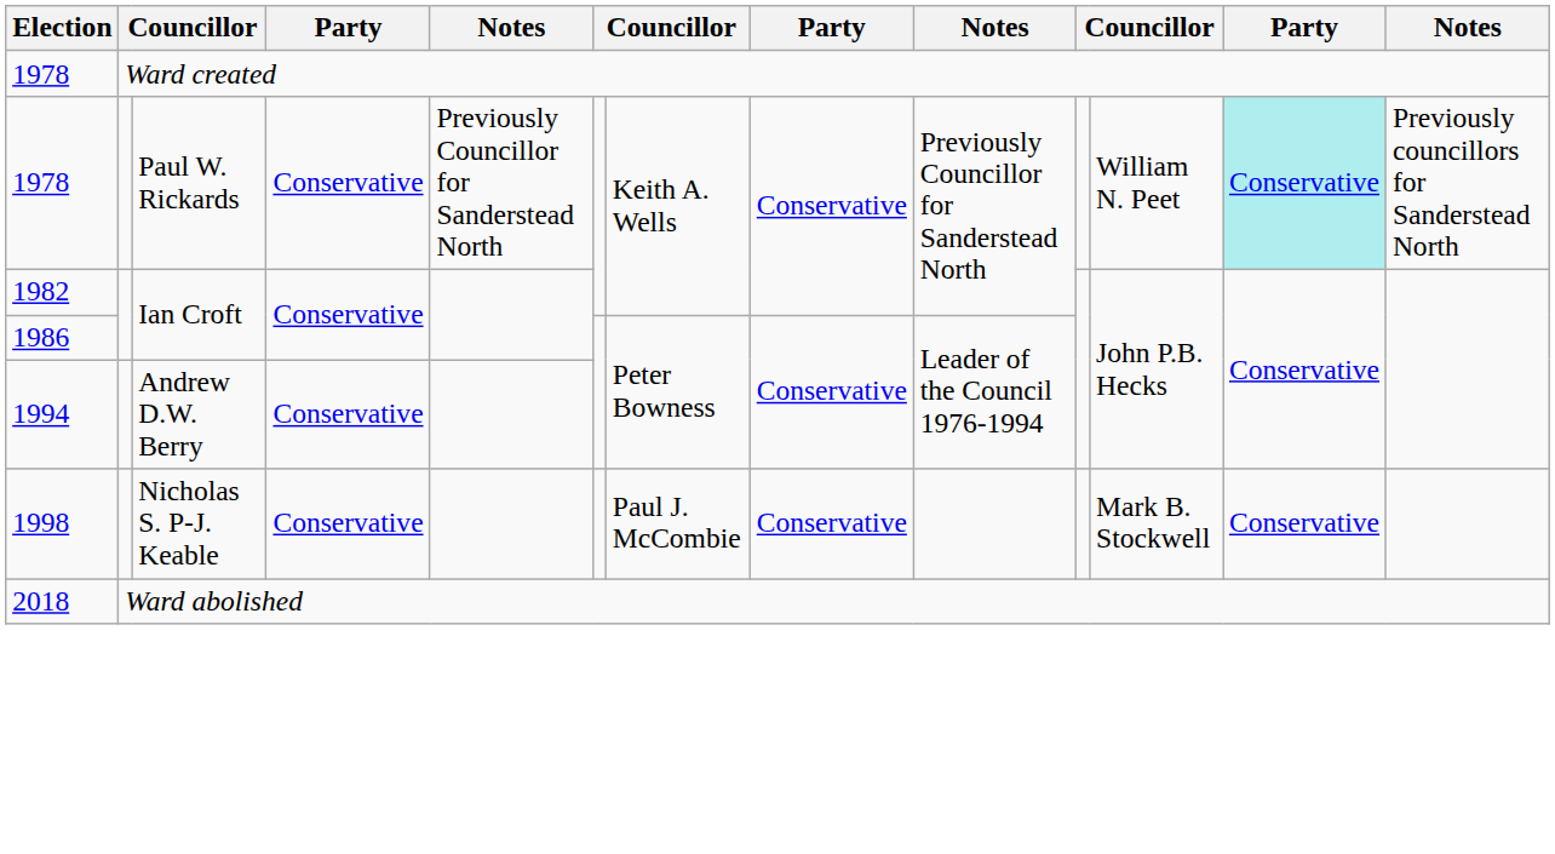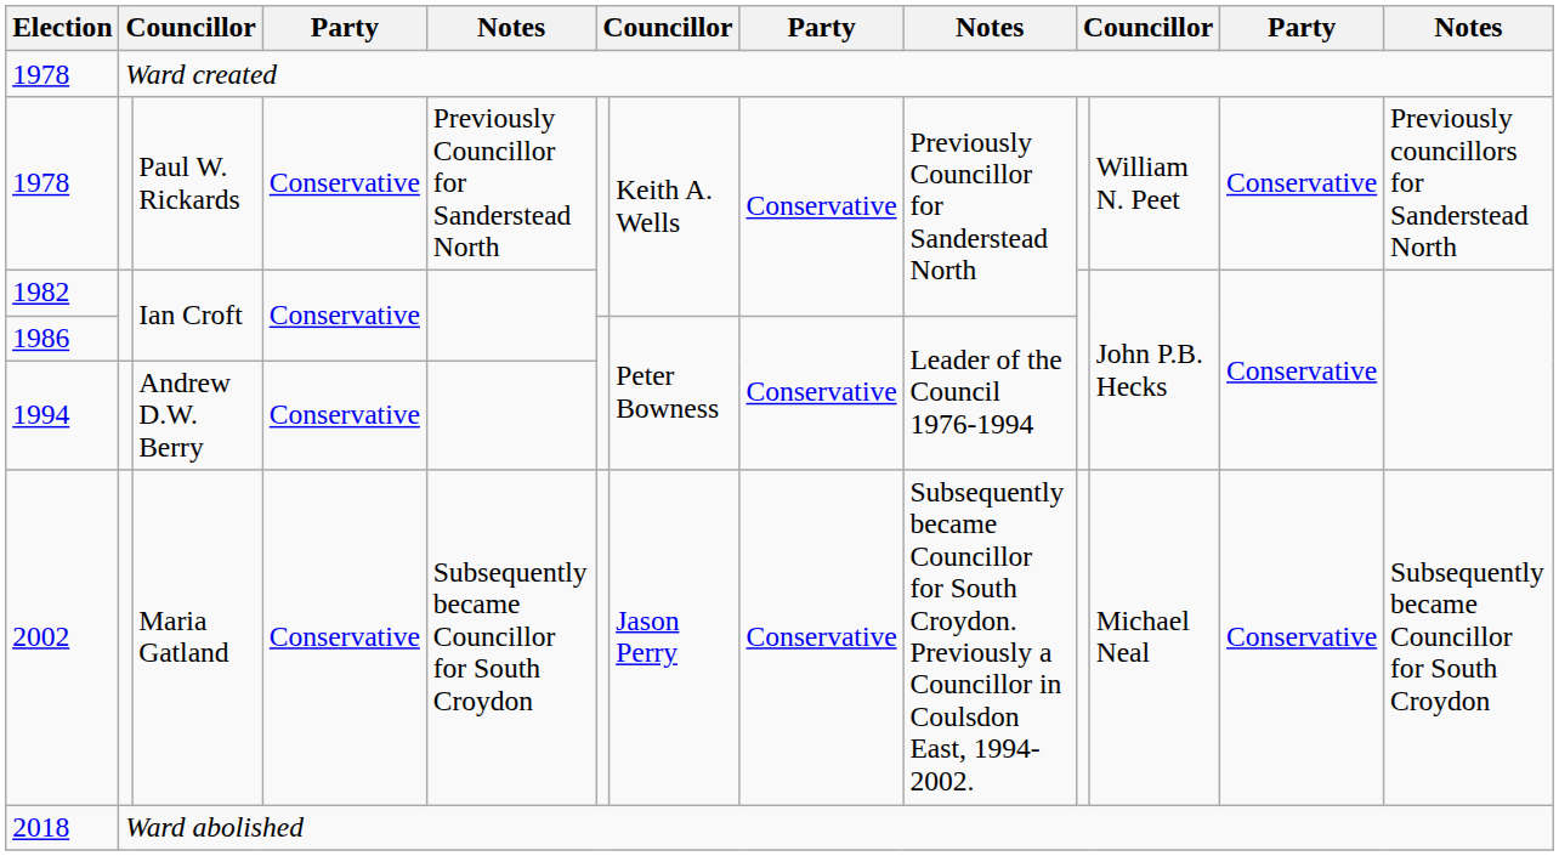 <table class="wikitable">
 <tr>
 <th>Election</th>
 <th colspan="2">Councillor</th>
 <th>Party</th>
 <th>Notes</th>
 <th colspan="2">Councillor</th>
 <th>Party</th>
 <th>Notes</th>
 <th colspan="2">Councillor</th>
 <th>Party</th>
 <th>Notes</th>
 </tr>
 <tr>
 <td><a href='#'>1978</a></td>
 <td colspan="12"><em>Ward created</em></td>
 </tr>
 <tr>
 <td><a href='#'>1978</a></td>
 <td style="background-color: "></td>
 <td>Paul W. Rickards</td>
 <td><a href='#'>Conservative</a></td>
 <td>Previously Councillor for Sanderstead North</td>
 <td rowspan="2" style="background-color: "></td>
 <td rowspan="2">Keith A. Wells</td>
 <td rowspan="2"><a href='#'>Conservative</a></td>
 <td rowspan="2">Previously Councillor for Sanderstead North</td>
 <td style="background-color: "></td>
 <td>William N. Peet</td>
-<td style="background: paleturquoise;"><a href='#'>Conservative</a></td>
+<td><a href='#'>Conservative</a></td>
 <td>Previously councillors for Sanderstead North</td>
 </tr>
 <tr>
 <td><a href='#'>1982</a></td>
 <td rowspan="2" style="background-color: "></td>
 <td rowspan="2">Ian Croft</td>
 <td rowspan="2"><a href='#'>Conservative</a></td>
 <td rowspan="2"></td>
 <td rowspan="3" style="background-color: "></td>
 <td rowspan="3">John P.B. Hecks</td>
 <td rowspan="3"><a href='#'>Conservative</a></td>
 <td rowspan="3"></td>
 </tr>
 <tr>
 <td><a href='#'>1986</a></td>
 <td rowspan="2" style="background-color: "></td>
 <td rowspan="2">Peter Bowness</td>
 <td rowspan="2"><a href='#'>Conservative</a></td>
 <td rowspan="2">Leader of the Council 1976-1994</td>
 </tr>
 <tr>
 <td><a href='#'>1994</a></td>
 <td style="background-color: "></td>
 <td>Andrew D.W. Berry</td>
 <td><a href='#'>Conservative</a></td>
 <td></td>
 </tr>
 <tr>
-<td><a href='#'>1998</a></td>
+<td><a href='#'>2002</a></td>
 <td style="background-color: "></td>
-<td>Nicholas S. P-J. Keable</td>
+<td>Maria Gatland</td>
 <td><a href='#'>Conservative</a></td>
-<td></td>
+<td>Subsequently became Councillor for South Croydon</td>
 <td style="background-color: "></td>
-<td>Paul J. McCombie</td>
+<td><a href='#'>Jason Perry</a></td>
 <td><a href='#'>Conservative</a></td>
-<td></td>
+<td>Subsequently became Councillor for South Croydon. Previously a Councillor in Coulsdon East, 1994-2002.</td>
 <td style="background-color: "></td>
-<td>Mark B. Stockwell</td>
+<td>Michael Neal</td>
 <td><a href='#'>Conservative</a></td>
-<td></td>
+<td>Subsequently became Councillor for South Croydon</td>
 </tr>
 <tr>
 <td><a href='#'>2018</a></td>
 <td colspan="12"><em>Ward abolished</em></td>
 </tr>
 </table>
